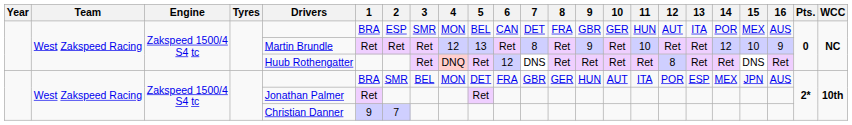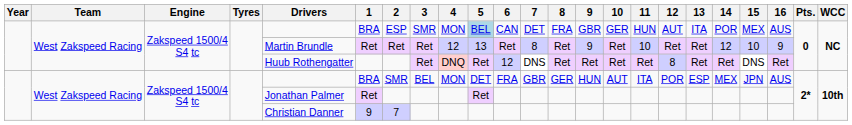 <table class="wikitable" style="text-align:center; font-size:95%">
 <tr>
 <th>Year</th>
 <th>Team</th>
 <th>Engine</th>
 <th>Tyres</th>
 <th>Drivers</th>
 <th>1</th>
 <th>2</th>
 <th>3</th>
 <th>4</th>
 <th>5</th>
 <th>6</th>
 <th>7</th>
 <th>8</th>
 <th>9</th>
 <th>10</th>
 <th>11</th>
 <th>12</th>
 <th>13</th>
 <th>14</th>
 <th>15</th>
 <th>16</th>
 <th>Pts.</th>
 <th>WCC</th>
 </tr>
 <tr>
 <td rowspan="3"></td>
 <td rowspan="3"><a href='#'>West</a> <a href='#'>Zakspeed Racing</a></td>
 <td rowspan="3"><a href='#'>Zakspeed 1500/4</a><br><a href='#'>S4</a> <a href='#'>tc</a></td>
 <td rowspan="3"></td>
 <td></td>
 <td><a href='#'>BRA</a></td>
 <td><a href='#'>ESP</a></td>
 <td><a href='#'>SMR</a></td>
 <td><a href='#'>MON</a></td>
-<td><a href='#'>BEL</a></td>
+<td style="background: lightblue;"><a href='#'>BEL</a></td>
 <td><a href='#'>CAN</a></td>
 <td><a href='#'>DET</a></td>
 <td><a href='#'>FRA</a></td>
 <td><a href='#'>GBR</a></td>
 <td><a href='#'>GER</a></td>
 <td><a href='#'>HUN</a></td>
 <td><a href='#'>AUT</a></td>
 <td><a href='#'>ITA</a></td>
 <td><a href='#'>POR</a></td>
 <td><a href='#'>MEX</a></td>
 <td><a href='#'>AUS</a></td>
 <td rowspan="3"><strong>0</strong></td>
 <td rowspan="3"><strong>NC</strong></td>
 </tr>
 <tr>
 <td align="left"><a href='#'>Martin Brundle</a></td>
 <td style="background:#efcfff;">Ret</td>
 <td style="background:#efcfff;">Ret</td>
 <td style="background:#efcfff;">Ret</td>
 <td style="background:#cfcfff;">12</td>
 <td style="background:#cfcfff;">13</td>
 <td style="background:#efcfff;">Ret</td>
 <td style="background:#cfcfff;">8</td>
 <td style="background:#efcfff;">Ret</td>
 <td style="background:#cfcfff;">9</td>
 <td style="background:#efcfff;">Ret</td>
 <td style="background:#cfcfff;">10</td>
 <td style="background:#efcfff;">Ret</td>
 <td style="background:#efcfff;">Ret</td>
 <td style="background:#cfcfff;">12</td>
 <td style="background:#cfcfff;">10</td>
 <td style="background:#cfcfff;">9</td>
 </tr>
 <tr>
 <td align="left"><a href='#'>Huub Rothengatter</a></td>
 <td></td>
 <td></td>
 <td style="background:#efcfff;">Ret</td>
 <td style="background:#ffcfcf;">DNQ</td>
 <td style="background:#efcfff;">Ret</td>
 <td style="background:#cfcfff;">12</td>
 <td style="background:#fff;">DNS</td>
 <td style="background:#efcfff;">Ret</td>
 <td style="background:#efcfff;">Ret</td>
 <td style="background:#efcfff;">Ret</td>
 <td style="background:#efcfff;">Ret</td>
 <td style="background:#cfcfff;">8</td>
 <td style="background:#efcfff;">Ret</td>
 <td style="background:#efcfff;">Ret</td>
 <td style="background:#fff;">DNS</td>
 <td style="background:#efcfff;">Ret</td>
 </tr>
 <tr>
 <td rowspan="3"></td>
 <td rowspan="3"><a href='#'>West</a> <a href='#'>Zakspeed Racing</a></td>
 <td rowspan="3"><a href='#'>Zakspeed 1500/4</a><br><a href='#'>S4</a> <a href='#'>tc</a></td>
 <td rowspan="3"></td>
 <td></td>
 <td><a href='#'>BRA</a></td>
 <td><a href='#'>SMR</a></td>
 <td><a href='#'>BEL</a></td>
 <td><a href='#'>MON</a></td>
 <td><a href='#'>DET</a></td>
 <td><a href='#'>FRA</a></td>
 <td><a href='#'>GBR</a></td>
 <td><a href='#'>GER</a></td>
 <td><a href='#'>HUN</a></td>
 <td><a href='#'>AUT</a></td>
 <td><a href='#'>ITA</a></td>
 <td><a href='#'>POR</a></td>
 <td><a href='#'>ESP</a></td>
 <td><a href='#'>MEX</a></td>
 <td><a href='#'>JPN</a></td>
 <td><a href='#'>AUS</a></td>
 <td rowspan="3"><strong>2*</strong></td>
 <td rowspan="3"><strong>10th</strong></td>
 </tr>
 <tr>
 <td align="left"><a href='#'>Jonathan Palmer</a></td>
 <td style="background:#efcfff;">Ret</td>
 <td></td>
 <td></td>
 <td></td>
 <td style="background:#efcfff;">Ret</td>
 <td></td>
 <td></td>
 <td></td>
 <td></td>
 <td></td>
 <td></td>
 <td></td>
 <td></td>
 <td></td>
 <td></td>
 <td></td>
 </tr>
 <tr>
 <td align="left"><a href='#'>Christian Danner</a></td>
 <td style="background:#cfcfff;">9</td>
 <td style="background:#cfcfff;">7</td>
 <td></td>
 <td></td>
 <td></td>
 <td></td>
 <td></td>
 <td></td>
 <td></td>
 <td></td>
 <td></td>
 <td></td>
 <td></td>
 <td></td>
 <td></td>
 <td></td>
 </tr>
 </table>
